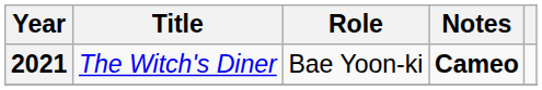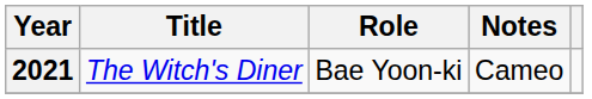 <table class="wikitable plainrowheaders">
 <tr>
 <th scope="col">Year</th>
 <th scope="col">Title</th>
 <th scope="col">Role</th>
 <th scope="col">Notes</th>
 <th scope="col" class="unsortable"></th>
 </tr>
 <tr>
 <th scope="row">2021</th>
 <td><em><a href='#'>The Witch's Diner</a></em></td>
 <td>Bae Yoon-ki</td>
-<td><strong>Cameo</strong></td>
+<td>Cameo</td>
 <td></td>
 </tr>
 <tr>
 </tr>
 </table>
